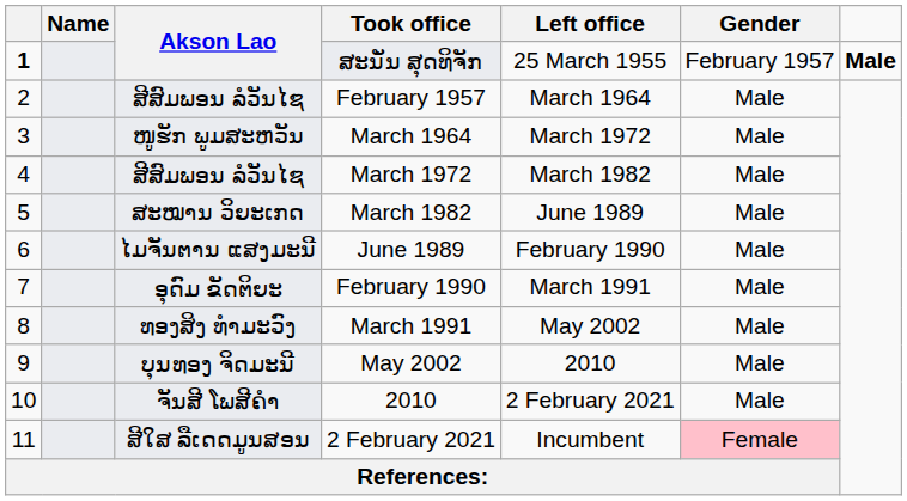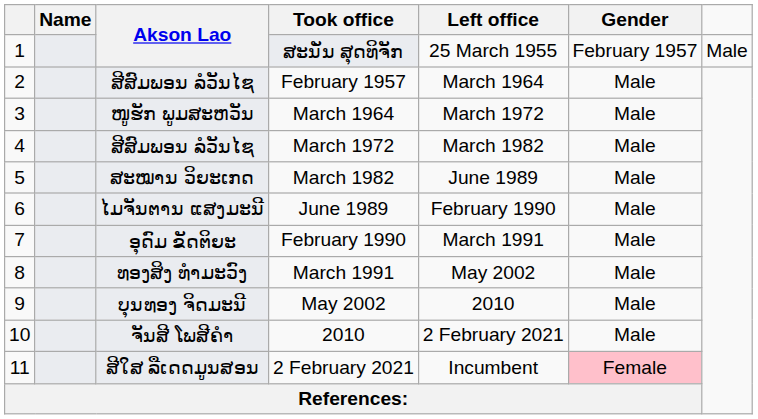 <table class="wikitable sortable" style=text-align:center>
 <tr>
 <th scope="col"></th>
 <th scope="col">Name</th>
 <th rowspan="2" class="unsortable"><a href='#'>Akson Lao</a></th>
 <th scope="col">Took office</th>
 <th scope="col">Left office</th>
 <th scope="col">Gender</th>
 </tr>
 <tr>
-<td><strong>1</strong></td>
+<td>1</td>
 <td bgcolor = #EAECF0></td>
 <td bgcolor = #EAECF0>ສະນັ່ນ ສຸດທິ​ຈັກ</td>
 <td>25 March 1955</td>
 <td>February 1957</td>
-<td><strong>Male</strong></td>
+<td>Male</td>
 </tr>
 <tr>
 <td>2</td>
 <td bgcolor = #EAECF0></td>
 <td bgcolor = #EAECF0>ສີສົມພອນ ລໍວັນໄຊ</td>
 <td>February 1957</td>
 <td>March 1964</td>
 <td>Male</td>
 </tr>
 <tr>
 <td>3</td>
 <td bgcolor = #EAECF0></td>
 <td bgcolor = #EAECF0>ໜູຮັກ ພູມສະຫວັນ</td>
 <td>March 1964</td>
 <td>March 1972</td>
 <td>Male</td>
 </tr>
 <tr>
 <td>4</td>
 <td bgcolor = #EAECF0></td>
 <td bgcolor = #EAECF0>ສີສົມພອນ ລໍວັນໄຊ</td>
 <td>March 1972</td>
 <td>March 1982</td>
 <td>Male</td>
 </tr>
 <tr>
 <td>5</td>
 <td bgcolor = #EAECF0></td>
 <td bgcolor = #EAECF0>ສະໝານ ວິຍະເກດ</td>
 <td>March 1982</td>
 <td>June 1989</td>
 <td>Male</td>
 </tr>
 <tr>
 <td>6</td>
 <td bgcolor = #EAECF0></td>
 <td bgcolor = #EAECF0>ໄມຈັນຕານ ແສງມະນີ</td>
 <td>June 1989</td>
 <td>February 1990</td>
 <td>Male</td>
 </tr>
 <tr>
 <td>7</td>
 <td bgcolor = #EAECF0></td>
 <td bgcolor = #EAECF0>ອຸດົມ ຂັດຕິຍະ</td>
 <td>February 1990</td>
 <td>March 1991</td>
 <td>Male</td>
 </tr>
 <tr>
 <td>8</td>
 <td bgcolor = #EAECF0></td>
 <td bgcolor = #EAECF0>ທອງສິງ ທຳມະວົງ</td>
 <td>March 1991</td>
 <td>May 2002</td>
 <td>Male</td>
 </tr>
 <tr>
 <td>9</td>
 <td bgcolor = #EAECF0></td>
 <td bgcolor = #EAECF0>ບຸນທອງ ຈິດມະນີ</td>
 <td>May 2002</td>
 <td>2010</td>
 <td>Male</td>
 </tr>
 <tr>
 <td>10</td>
 <td bgcolor = #EAECF0></td>
 <td bgcolor = #EAECF0>ຈັນສີ ໂພສີຄຳ</td>
 <td>2010</td>
 <td>2 February 2021</td>
 <td>Male</td>
 </tr>
 <tr>
 <td>11</td>
 <td bgcolor = #EAECF0></td>
 <td bgcolor = #EAECF0>ສີໃສ ລື​ເດດ​ມູນ​ສອນ</td>
 <td>2 February 2021</td>
 <td>Incumbent</td>
 <td bgcolor = Pink>Female</td>
 </tr>
 <tr class=sortbottom>
 <th colspan = "6" align = left><strong>References:</strong><br></th>
 </tr>
 </table>
